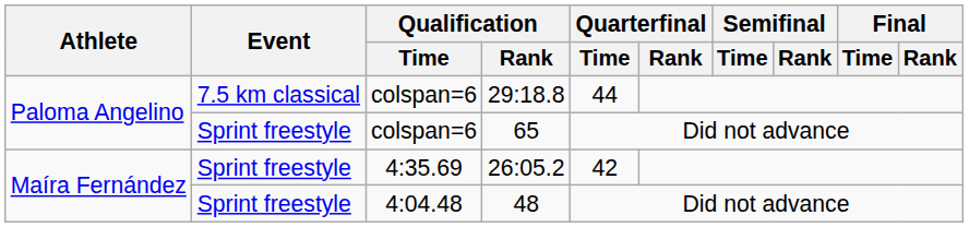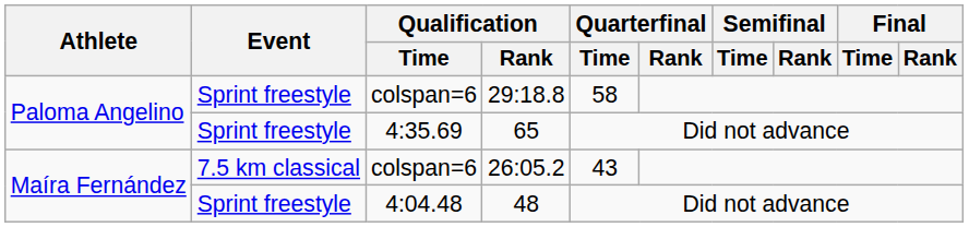 <table class="wikitable" style="font-size:90%">
 <tr>
 <th rowspan="2">Athlete</th>
 <th rowspan="2">Event</th>
 <th colspan="2">Qualification</th>
 <th colspan="2">Quarterfinal</th>
 <th colspan="2">Semifinal</th>
 <th colspan="2">Final</th>
 </tr>
 <tr style="font-size:95%">
 <th>Time</th>
 <th>Rank</th>
 <th>Time</th>
 <th>Rank</th>
 <th>Time</th>
 <th>Rank</th>
 <th>Time</th>
 <th>Rank</th>
 </tr>
 <tr align=center>
 <td align=left rowspan=2><a href='#'>Paloma Angelino</a></td>
-<td align=left><a href='#'>7.5 km classical</a></td>
+<td align=left><a href='#'>Sprint freestyle</a></td>
 <td>colspan=6</td>
 <td>29:18.8</td>
-<td>44</td>
+<td>58</td>
 </tr>
 <tr align=center>
 <td align=left><a href='#'>Sprint freestyle</a></td>
-<td>colspan=6</td>
+<td>4:35.69</td>
 <td>65</td>
 <td colspan=6>Did not advance</td>
 </tr>
 <tr align=center>
 <td align=left rowspan=2><a href='#'>Maíra Fernández</a></td>
-<td align=left><a href='#'>Sprint freestyle</a></td>
-<td>4:35.69</td>
+<td align=left><a href='#'>7.5 km classical</a></td>
+<td>colspan=6</td>
 <td>26:05.2</td>
-<td>42</td>
+<td>43</td>
 </tr>
 <tr align=center>
 <td align=left><a href='#'>Sprint freestyle</a></td>
 <td>4:04.48</td>
 <td>48</td>
 <td colspan=6>Did not advance</td>
 </tr>
 </table>
